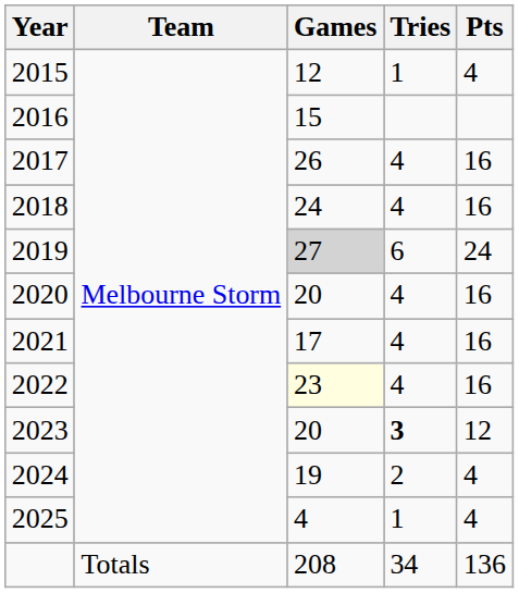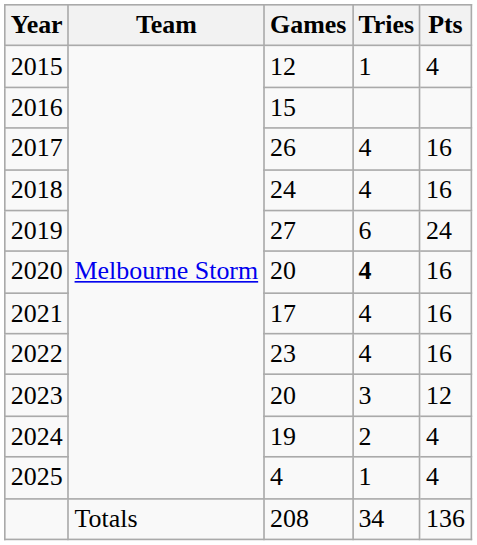 <table class="wikitable">
 <tr>
 <th>Year</th>
 <th>Team</th>
 <th>Games</th>
 <th>Tries</th>
 <th>Pts</th>
 </tr>
 <tr>
 <td>2015</td>
 <td rowspan="11"> <a href='#'>Melbourne Storm</a></td>
 <td>12</td>
 <td>1</td>
 <td>4</td>
 </tr>
 <tr>
 <td>2016</td>
 <td>15</td>
 <td></td>
 <td></td>
 </tr>
 <tr>
 <td>2017</td>
 <td>26</td>
 <td>4</td>
 <td>16</td>
 </tr>
 <tr>
 <td>2018</td>
 <td>24</td>
 <td>4</td>
 <td>16</td>
 </tr>
 <tr>
 <td>2019</td>
-<td style="background: lightgrey;">27</td>
+<td>27</td>
 <td>6</td>
 <td>24</td>
 </tr>
 <tr>
 <td>2020</td>
 <td>20</td>
-<td>4</td>
+<td><strong>4</strong></td>
 <td>16</td>
 </tr>
 <tr>
 <td>2021</td>
 <td>17</td>
 <td>4</td>
 <td>16</td>
 </tr>
 <tr>
 <td>2022</td>
-<td style="background: lightyellow;">23</td>
+<td>23</td>
 <td>4</td>
 <td>16</td>
 </tr>
 <tr>
 <td>2023</td>
 <td>20</td>
-<td><strong>3</strong></td>
+<td>3</td>
 <td>12</td>
 </tr>
 <tr>
 <td>2024</td>
 <td>19</td>
 <td>2</td>
 <td>4</td>
 </tr>
 <tr>
 <td>2025</td>
 <td>4</td>
 <td>1</td>
 <td>4</td>
 </tr>
 <tr>
 <td></td>
 <td>Totals</td>
 <td>208</td>
 <td>34</td>
 <td>136</td>
 </tr>
 </table>
